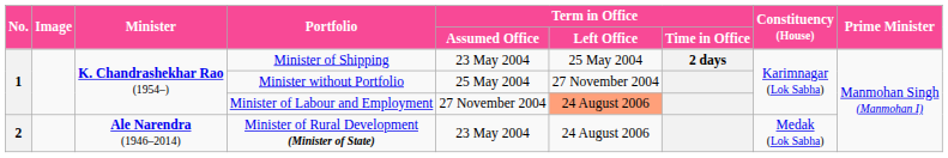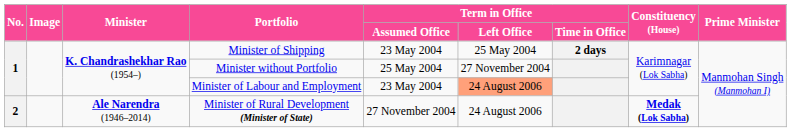 <table class="wikitable sortable" style="text-align:center;">
 <tr>
 <th rowspan="2" style="background-color:#F84996;color:white">No.</th>
 <th rowspan="2" style="background-color:#F84996;color:white">Image</th>
 <th rowspan="2" style="background-color:#F84996;color:white">Minister</th>
 <th rowspan="2" style="background-color:#F84996;color:white">Portfolio</th>
 <th colspan="3" style="background-color:#F84996;color:white">Term in Office</th>
 <th rowspan="2" style="background-color:#F84996;color:white">Constituency<br><small>(House)</small></th>
 <th rowspan="2" style="background-color:#F84996;color:white">Prime Minister</th>
 </tr>
 <tr>
 <th style="background-color:#F84996;color:white">Assumed Office</th>
 <th style="background-color:#F84996;color:white">Left Office</th>
 <th style="background-color:#F84996;color:white">Time in Office</th>
 </tr>
 <tr>
 <th rowspan="3">1</th>
 <td rowspan="3"></td>
 <td rowspan="3"><strong><a href='#'>K. Chandrashekhar Rao</a></strong><br><small>(1954–)</small></td>
 <td><a href='#'>Minister of Shipping</a></td>
 <td>23 May 2004</td>
 <td>25 May 2004</td>
 <th><strong>2 days</strong></th>
 <td rowspan="3"><a href='#'>Karimnagar</a><br><small>(<a href='#'>Lok Sabha</a>)</small></td>
 <td rowspan="4"><a href='#'>Manmohan Singh</a><br><small><em><a href='#'>(Manmohan I)</a></em></small></td>
 </tr>
 <tr>
 <td><a href='#'>Minister without Portfolio</a></td>
 <td>25 May 2004</td>
 <td>27 November 2004</td>
 <th><strong></strong></th>
 </tr>
 <tr>
 <td><a href='#'>Minister of Labour and Employment</a></td>
-<td>27 November 2004</td>
+<td>23 May 2004</td>
 <td style="background: lightsalmon;">24 August 2006</td>
 <th><strong></strong></th>
 </tr>
 <tr>
 <th>2</th>
 <td></td>
 <td><strong><a href='#'>Ale Narendra</a></strong><br><small>(1946–2014)</small></td>
 <td><a href='#'>Minister of Rural Development</a><br><strong><em><small>(Minister of State)</small></em></strong></td>
-<td>23 May 2004</td>
+<td>27 November 2004</td>
 <td>24 August 2006</td>
 <th><strong></strong></th>
-<td><a href='#'>Medak</a><br><small>(<a href='#'>Lok Sabha</a>)</small></td>
+<td><strong><a href='#'>Medak</a><br><small>(<a href='#'>Lok Sabha</a>)</small></strong></td>
 </tr>
 </table>
